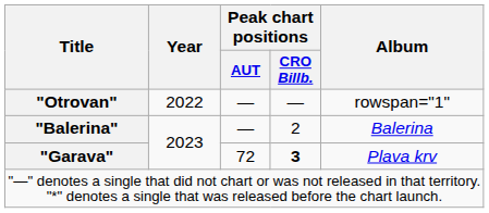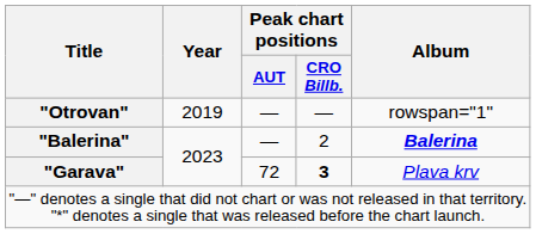 <table class="wikitable plainrowheaders" style="text-align:center;">
 <tr>
 <th scope="col" rowspan="2">Title</th>
 <th scope="col" rowspan="2">Year</th>
 <th scope="col" colspan="2">Peak chart positions</th>
 <th scope="col" rowspan="2">Album</th>
 </tr>
 <tr>
 <th scope="col" style="width:3em; font-size:85%;"><a href='#'>AUT</a><br></th>
 <th scope="col" style="width:3em; font-size:85%;"><a href='#'>CRO<br><em>Billb.</em></a><br></th>
 </tr>
 <tr>
 <th scope="row">"Otrovan" <br></th>
-<td rowspan="1">2022</td>
+<td rowspan="1">2019</td>
 <td>—</td>
 <td>—</td>
 <td>rowspan="1" </td>
 </tr>
 <tr>
 <th scope="row">"Balerina" <br></th>
 <td rowspan="2">2023</td>
 <td>—</td>
 <td>2</td>
-<td><em><a href='#'>Balerina</a></em></td>
+<td><strong><em><a href='#'>Balerina</a></em></strong></td>
 </tr>
 <tr>
 <th scope="row">"Garava" <br></th>
 <td>72</td>
 <td><strong>3</strong></td>
 <td><em><a href='#'>Plava krv</a></em></td>
 </tr>
 <tr>
 <td colspan="5" style="text-align:center; font-size:85%;">"—" denotes a single that did not chart or was not released in that territory.<br>"*" denotes a single that was released before the chart launch.</td>
 </tr>
 </table>
